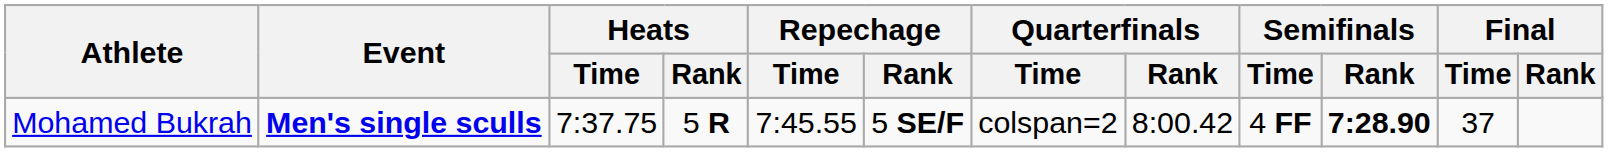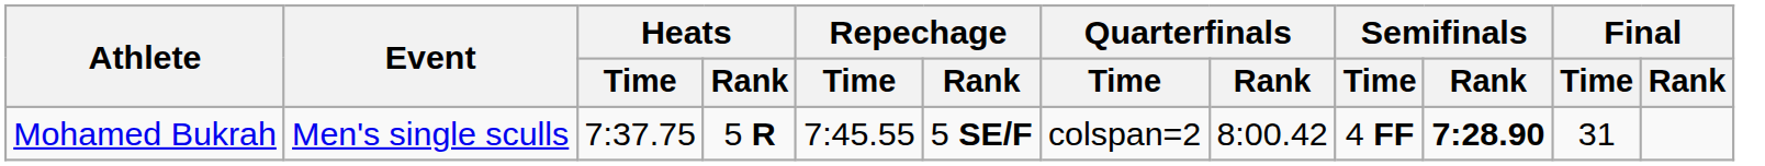 <table class=wikitable style=font-size:90%;text-align:center>
 <tr>
 <th rowspan=2>Athlete</th>
 <th rowspan=2>Event</th>
 <th colspan=2>Heats</th>
 <th colspan=2>Repechage</th>
 <th colspan=2>Quarterfinals</th>
 <th colspan=2>Semifinals</th>
 <th colspan=2>Final</th>
 </tr>
 <tr style=font-size:95%>
 <th>Time</th>
 <th>Rank</th>
 <th>Time</th>
 <th>Rank</th>
 <th>Time</th>
 <th>Rank</th>
 <th>Time</th>
 <th>Rank</th>
 <th>Time</th>
 <th>Rank</th>
 </tr>
 <tr>
 <td align=left><a href='#'>Mohamed Bukrah</a></td>
-<td align=left><strong><a href='#'>Men's single sculls</a></strong></td>
+<td align=left><a href='#'>Men's single sculls</a></td>
 <td>7:37.75</td>
 <td>5 <strong>R</strong></td>
 <td>7:45.55</td>
 <td>5 <strong>SE/F</strong></td>
 <td>colspan=2 </td>
 <td>8:00.42</td>
 <td>4 <strong>FF</strong></td>
 <td><strong>7:28.90</strong></td>
-<td>37</td>
+<td>31</td>
 </tr>
 </table>
